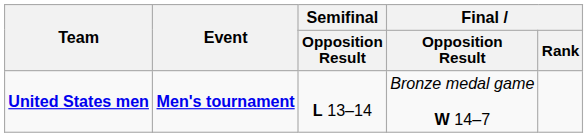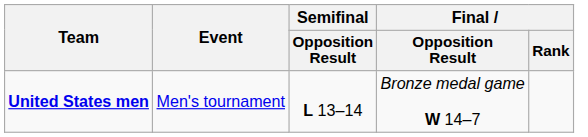 <table class=wikitable style=font-size:90%>
 <tr>
 <th rowspan=2>Team</th>
 <th rowspan=2>Event</th>
 <th>Semifinal</th>
 <th colspan=2>Final / </th>
 </tr>
 <tr style=font-size:95%>
 <th>Opposition<br>Result</th>
 <th>Opposition<br>Result</th>
 <th>Rank</th>
 </tr>
 <tr align=center>
 <td align=left><strong><a href='#'>United States men</a></strong></td>
-<td align=left><strong><a href='#'>Men's tournament</a></strong></td>
+<td align=left><a href='#'>Men's tournament</a></td>
 <td><br><strong>L</strong> 13–14</td>
 <td><em>Bronze medal game</em><br><br><strong>W</strong> 14–7</td>
 <td></td>
 </tr>
 </table>
